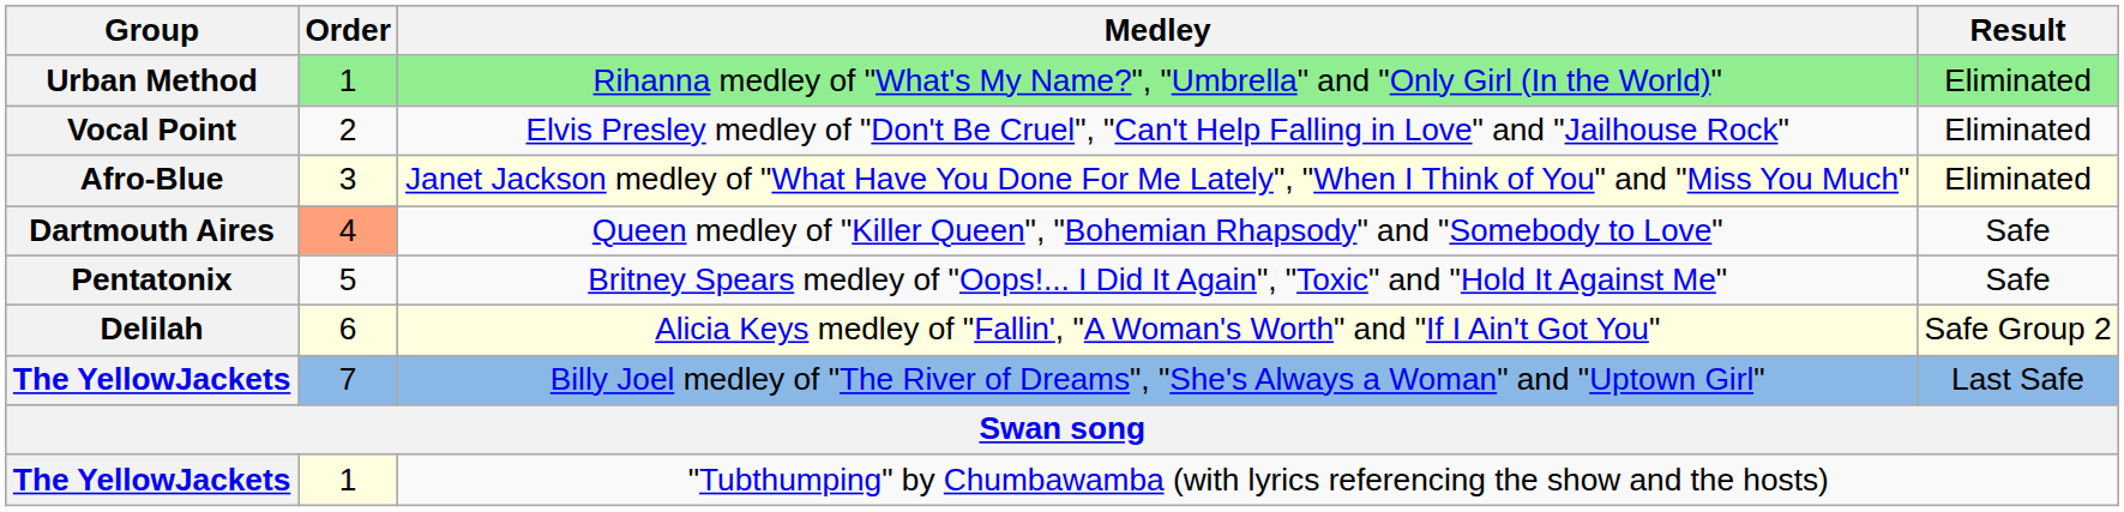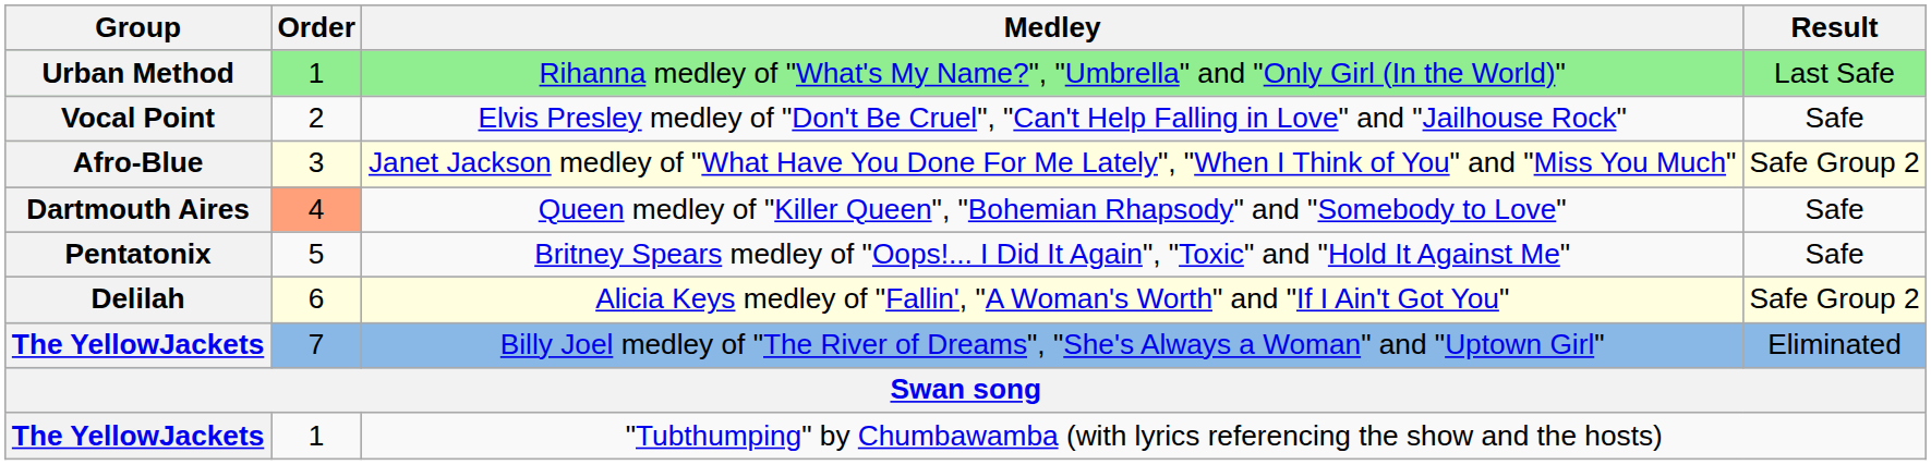 <table class="wikitable plainrowheaders" style="text-align:center;">
 <tr>
 <th scope="col">Group</th>
 <th scope="col">Order</th>
 <th scope="col">Medley</th>
 <th scope="col">Result</th>
 </tr>
 <tr style="background:lightgreen;">
 <th scope="row">Urban Method</th>
 <td>1</td>
 <td><a href='#'>Rihanna</a> medley of "<a href='#'>What's My Name?</a>", "<a href='#'>Umbrella</a>" and "<a href='#'>Only Girl (In the World)</a>"</td>
-<td>Eliminated</td>
+<td>Last Safe</td>
 </tr>
 <tr>
 <th scope="row">Vocal Point</th>
 <td>2</td>
 <td><a href='#'>Elvis Presley</a> medley of "<a href='#'>Don't Be Cruel</a>", "<a href='#'>Can't Help Falling in Love</a>" and "<a href='#'>Jailhouse Rock</a>"</td>
-<td>Eliminated</td>
+<td>Safe</td>
 </tr>
 <tr style="background:lightyellow;">
 <th scope="row">Afro-Blue</th>
 <td>3</td>
 <td><a href='#'>Janet Jackson</a> medley of "<a href='#'>What Have You Done For Me Lately</a>", "<a href='#'>When I Think of You</a>" and "<a href='#'>Miss You Much</a>"</td>
-<td>Eliminated</td>
+<td>Safe Group 2</td>
 </tr>
 <tr>
 <th scope="row">Dartmouth Aires</th>
 <td style="background: lightsalmon;">4</td>
 <td><a href='#'>Queen</a> medley of "<a href='#'>Killer Queen</a>", "<a href='#'>Bohemian Rhapsody</a>" and "<a href='#'>Somebody to Love</a>"</td>
 <td>Safe</td>
 </tr>
 <tr>
 <th scope="row">Pentatonix</th>
 <td>5</td>
 <td><a href='#'>Britney Spears</a> medley of "<a href='#'>Oops!... I Did It Again</a>", "<a href='#'>Toxic</a>" and "<a href='#'>Hold It Against Me</a>"</td>
 <td>Safe</td>
 </tr>
 <tr style="background:lightyellow;">
 <th scope="row">Delilah</th>
 <td>6</td>
 <td><a href='#'>Alicia Keys</a> medley of "<a href='#'>Fallin'</a>, "<a href='#'>A Woman's Worth</a>" and "<a href='#'>If I Ain't Got You</a>"</td>
 <td>Safe Group 2</td>
 </tr>
 <tr style="background:#8ab8e6;">
 <th scope="row"><a href='#'>The YellowJackets</a></th>
 <td>7</td>
 <td><a href='#'>Billy Joel</a> medley of "<a href='#'>The River of Dreams</a>", "<a href='#'>She's Always a Woman</a>" and "<a href='#'>Uptown Girl</a>"</td>
-<td>Last Safe</td>
+<td>Eliminated</td>
 </tr>
 <tr>
 <th scope="col" colspan="6"><a href='#'>Swan song</a></th>
 </tr>
 <tr>
 <th scope="row"><a href='#'>The YellowJackets</a></th>
-<td style="background: lightyellow;">1</td>
+<td>1</td>
 <td colspan="4">"<a href='#'>Tubthumping</a>" by <a href='#'>Chumbawamba</a> (with lyrics referencing the show and the hosts)</td>
 </tr>
 </table>
